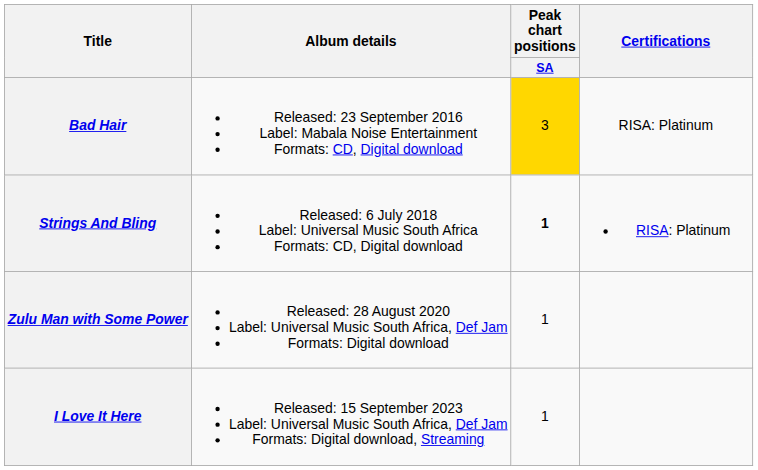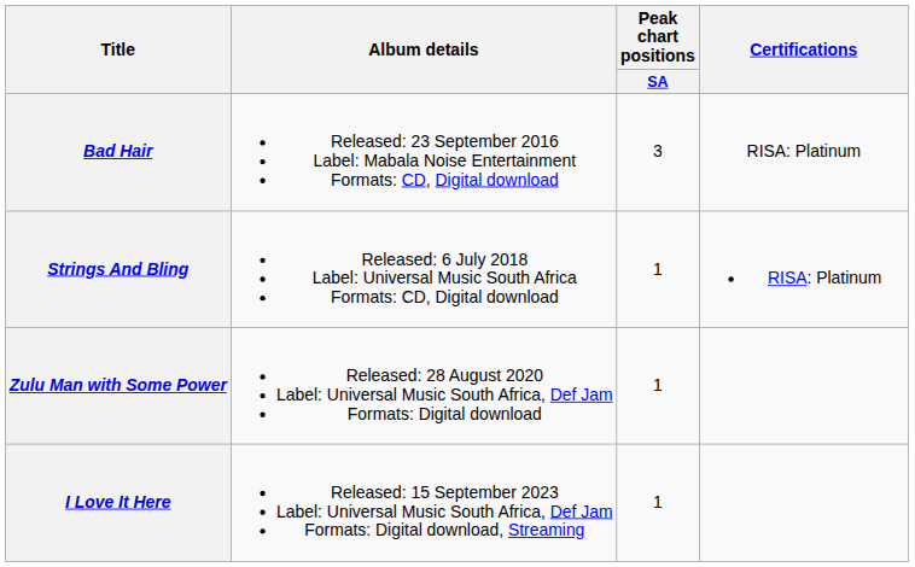 <table class="wikitable plainrowheaders" style="text-align:center;">
 <tr>
 <th scope="col" rowspan="2">Title</th>
 <th scope="col" rowspan="2">Album details</th>
 <th scope="col" colspan="1">Peak chart positions</th>
 <th scope="col" rowspan="2" style="width:12em;"><a href='#'>Certifications</a></th>
 </tr>
 <tr>
 <th scope="col" style="width:3em;font-size:90%;"><a href='#'>SA</a><br></th>
 </tr>
 <tr>
 <th scope="row"><em><a href='#'>Bad Hair</a></em></th>
 <td><br><ul><li>Released: 23 September 2016</li><li>Label: Mabala Noise Entertainment</li><li>Formats: <a href='#'>CD</a>, <a href='#'>Digital download</a></li></ul></td>
-<td style="background: gold;">3</td>
+<td>3</td>
 <td>RISA: Platinum</td>
 </tr>
 <tr>
 <th scope="row"><em><a href='#'>Strings And Bling</a></em></th>
 <td><br><ul><li>Released: 6 July 2018</li><li>Label: Universal Music South Africa</li><li>Formats: CD, Digital download</li></ul></td>
-<td><strong>1</strong></td>
+<td>1</td>
 <td><br><ul><li><a href='#'>RISA</a>: Platinum</li></ul></td>
 </tr>
 <tr>
 <th scope="row"><em><a href='#'>Zulu Man with Some Power</a></em></th>
 <td><br><ul><li>Released: 28 August 2020</li><li>Label: Universal Music South Africa, <a href='#'>Def Jam</a></li><li>Formats: Digital download</li></ul></td>
 <td>1</td>
 <td></td>
 </tr>
 <tr>
 <th scope="row"><em><a href='#'>I Love It Here</a></em></th>
 <td><br><ul><li>Released: 15 September 2023</li><li>Label: Universal Music South Africa, <a href='#'>Def Jam</a></li><li>Formats: Digital download, <a href='#'>Streaming</a></li></ul></td>
 <td>1</td>
 <td></td>
 </tr>
 </table>
